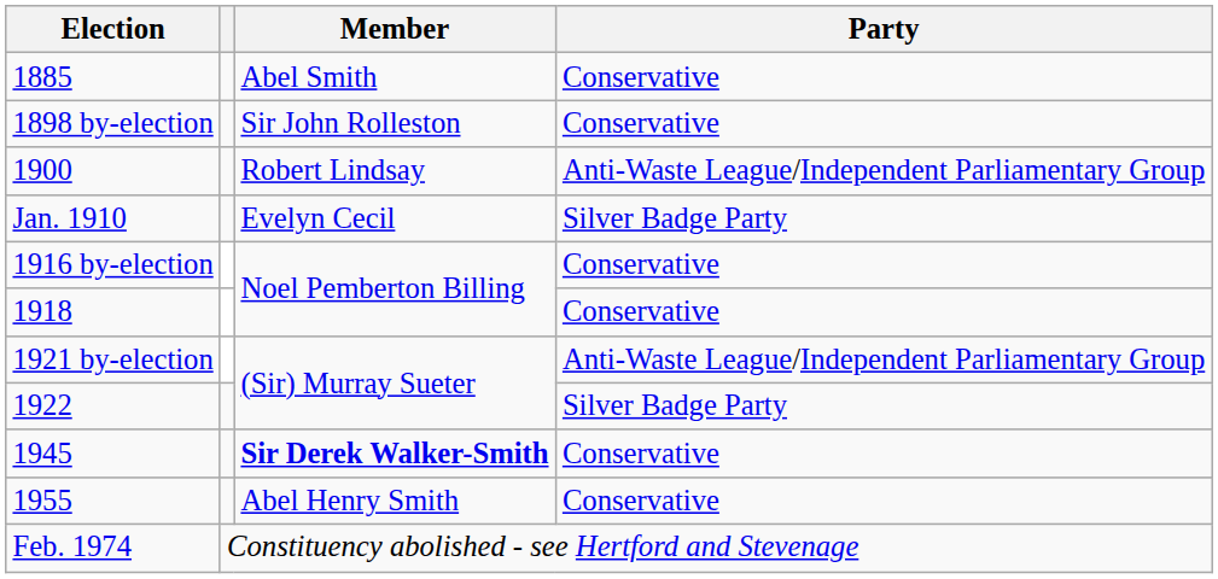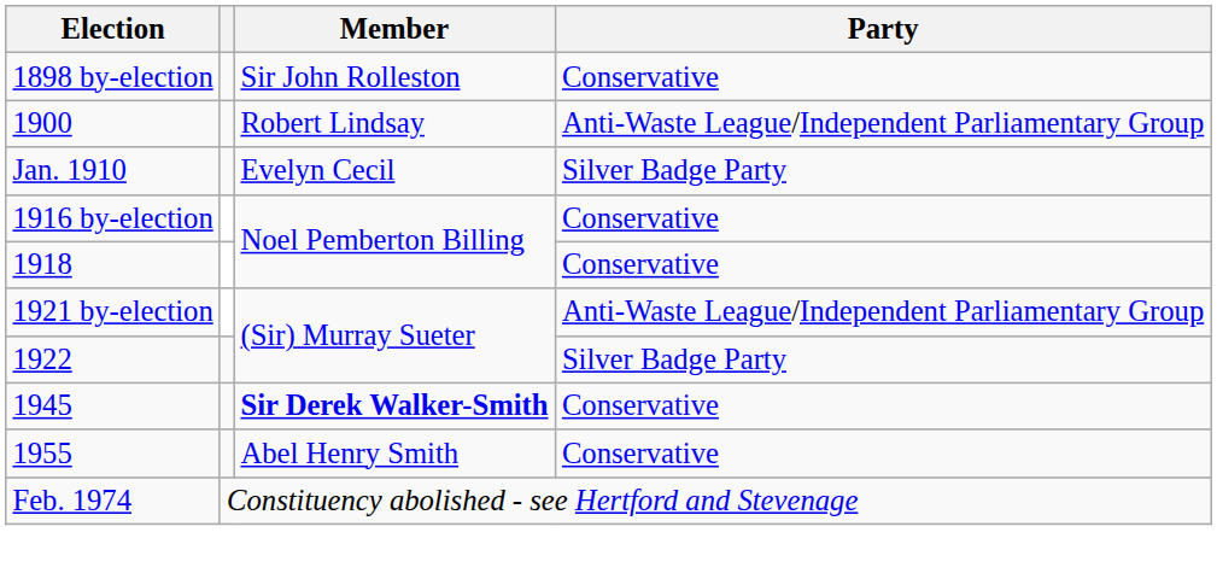 <table class="wikitable">
 <tr>
 <th>Election</th>
 <th></th>
 <th>Member</th>
 <th>Party</th>
-</tr>
-<tr>
-<td><a href='#'>1885</a></td>
-<td style="color:inherit;background-color: "></td>
-<td><a href='#'>Abel Smith</a></td>
-<td><a href='#'>Conservative</a></td>
 </tr>
 <tr>
 <td><a href='#'>1898 by-election</a></td>
 <td style="color:inherit;background-color: "></td>
 <td><a href='#'>Sir John Rolleston</a></td>
 <td><a href='#'>Conservative</a></td>
 </tr>
 <tr>
 <td><a href='#'>1900</a></td>
 <td style="color:inherit;background-color: "></td>
 <td><a href='#'>Robert Lindsay</a></td>
 <td><a href='#'>Anti-Waste League</a>/<a href='#'>Independent Parliamentary Group</a></td>
 </tr>
 <tr>
 <td><a href='#'>Jan. 1910</a></td>
 <td style="color:inherit;background-color: "></td>
 <td><a href='#'>Evelyn Cecil</a></td>
 <td><a href='#'>Silver Badge Party</a></td>
 </tr>
 <tr>
 <td><a href='#'>1916 by-election</a></td>
 <td style="color:inherit;background-color: white"></td>
 <td rowspan="2"><a href='#'>Noel Pemberton Billing</a></td>
 <td><a href='#'>Conservative</a></td>
 </tr>
 <tr>
 <td><a href='#'>1918</a></td>
 <td style="color:inherit;background-color: white"></td>
 <td><a href='#'>Conservative</a></td>
 </tr>
 <tr>
 <td><a href='#'>1921 by-election</a></td>
 <td style="color:inherit;background-color: white"></td>
 <td rowspan="2"><a href='#'>(Sir) Murray Sueter</a></td>
 <td><a href='#'>Anti-Waste League</a>/<a href='#'>Independent Parliamentary Group</a></td>
 </tr>
 <tr>
 <td><a href='#'>1922</a></td>
 <td style="color:inherit;background-color: "></td>
 <td><a href='#'>Silver Badge Party</a></td>
 </tr>
 <tr>
 <td><a href='#'>1945</a></td>
 <td style="color:inherit;background-color: "></td>
 <td><strong><a href='#'>Sir Derek Walker-Smith</a></strong></td>
 <td><a href='#'>Conservative</a></td>
 </tr>
 <tr>
 <td><a href='#'>1955</a></td>
 <td style="color:inherit;background-color: "></td>
 <td><a href='#'>Abel Henry Smith</a></td>
 <td><a href='#'>Conservative</a></td>
 </tr>
 <tr>
 <td><a href='#'>Feb. 1974</a></td>
 <td colspan="3"><em>Constituency abolished - see <a href='#'>Hertford and Stevenage</a></em></td>
 </tr>
 </table>
